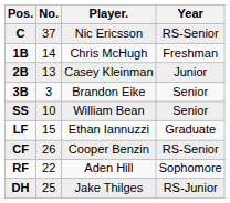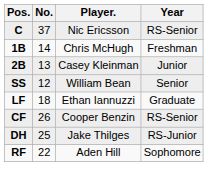 <table class="wikitable non-sortable">
 <tr>
 <th style="text-align:center; ">Pos.</th>
 <th style="text-align:center; ">No.</th>
 <th style="text-align:center; ">Player.</th>
 <th style="text-align:center; ">Year</th>
 </tr>
 <tr style="background:#eeeeee;text-align:center;">
 <td><strong>C</strong></td>
 <td>37</td>
 <td>Nic Ericsson</td>
 <td>RS-Senior</td>
 </tr>
 <tr style="text-align:center;">
 <td><strong>1B</strong></td>
 <td>14</td>
 <td>Chris McHugh</td>
 <td>Freshman</td>
 </tr>
 <tr style="background:#eeeeee;text-align:center;">
 <td><strong>2B</strong></td>
 <td>13</td>
 <td>Casey Kleinman</td>
 <td>Junior</td>
 </tr>
-<tr style="text-align:center;">
-<td><strong>3B</strong></td>
-<td>3</td>
-<td>Brandon Eike</td>
-<td>Senior</td>
-</tr>
 <tr style="background:#eeeeee;text-align:center;">
 <td><strong>SS</strong></td>
-<td>10</td>
+<td>12</td>
 <td>William Bean</td>
 <td>Senior</td>
 </tr>
 <tr style="text-align:center;">
 <td><strong>LF</strong></td>
-<td>15</td>
+<td>18</td>
 <td>Ethan Iannuzzi</td>
 <td>Graduate</td>
 </tr>
 <tr style="background:#eeeeee;text-align:center;">
 <td><strong>CF</strong></td>
 <td>26</td>
 <td>Cooper Benzin</td>
 <td>RS-Senior</td>
 </tr>
+<tr style="background:#eeeeee;text-align:center;">
+<td><strong>DH</strong></td>
+<td>25</td>
+<td>Jake Thilges</td>
+<td>RS-Junior</td>
+</tr>
 <tr style="text-align:center;">
 <td><strong>RF</strong></td>
 <td>22</td>
 <td>Aden Hill</td>
 <td>Sophomore</td>
 </tr>
-<tr style="background:#eeeeee;text-align:center;">
-<td><strong>DH</strong></td>
-<td>25</td>
-<td>Jake Thilges</td>
-<td>RS-Junior</td>
-</tr>
 </table>
